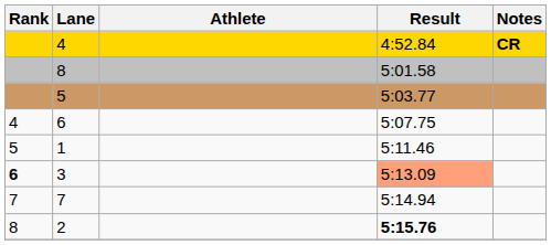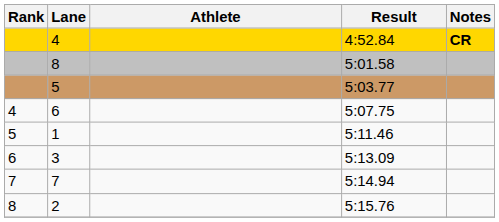 <table class="wikitable" style="font-size:95%" style="width:35em;" style="text-align:center">
 <tr>
 <th>Rank</th>
 <th>Lane</th>
 <th width=250>Athlete</th>
 <th width=100>Result</th>
 <th>Notes</th>
 </tr>
 <tr bgcolor=gold>
 <td></td>
 <td>4</td>
 <td align=left></td>
 <td>4:52.84</td>
 <td><strong>CR</strong></td>
 </tr>
 <tr bgcolor=silver>
 <td></td>
 <td>8</td>
 <td align=left></td>
 <td>5:01.58</td>
 <td></td>
 </tr>
 <tr bgcolor=cc9966>
 <td></td>
 <td>5</td>
 <td align=left></td>
 <td>5:03.77</td>
 <td></td>
 </tr>
 <tr>
 <td>4</td>
 <td>6</td>
 <td align=left></td>
 <td>5:07.75</td>
 <td></td>
 </tr>
 <tr>
 <td>5</td>
 <td>1</td>
 <td align=left></td>
 <td>5:11.46</td>
 <td></td>
 </tr>
 <tr>
-<td><strong>6</strong></td>
+<td>6</td>
 <td>3</td>
 <td align=left></td>
-<td style="background: lightsalmon;">5:13.09</td>
+<td>5:13.09</td>
 <td></td>
 </tr>
 <tr>
 <td>7</td>
 <td>7</td>
 <td align=left></td>
 <td>5:14.94</td>
 <td></td>
 </tr>
 <tr>
 <td>8</td>
 <td>2</td>
 <td align=left></td>
-<td><strong>5:15.76</strong></td>
+<td>5:15.76</td>
 <td></td>
 </tr>
 <tr>
 </tr>
 </table>
